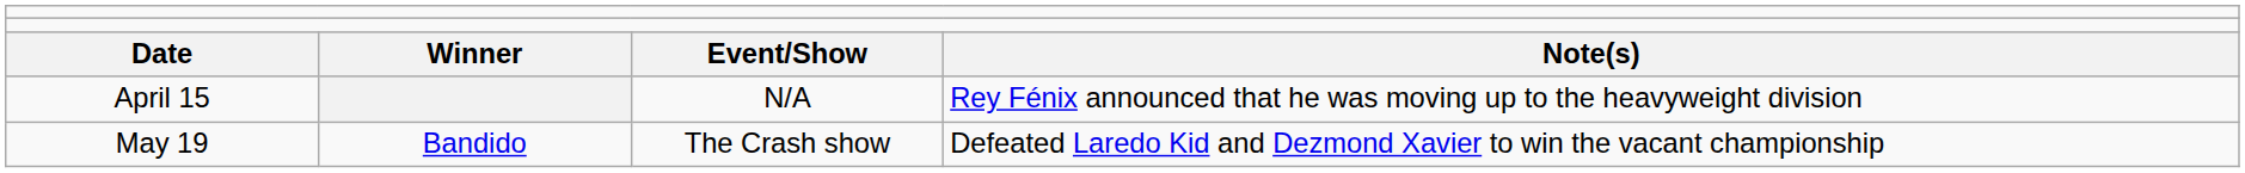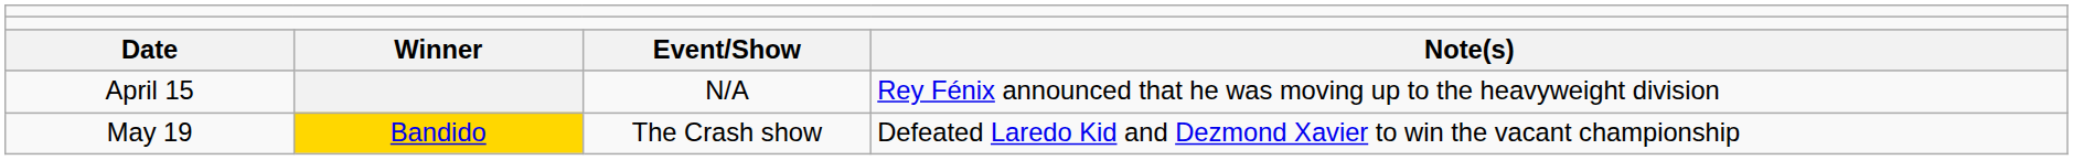 <table class="wikitable" style="text-align:center; width:100%;">
 <tr>
 <td colspan="5"></td>
 </tr>
 <tr>
 <td colspan="5"><strong></strong></td>
 </tr>
 <tr>
 <th width=14%>Date</th>
 <th width=14%>Winner</th>
 <th width=14%>Event/Show</th>
 <th width=58%>Note(s)</th>
 </tr>
 <tr>
 <td>April 15</td>
 <th></th>
 <td>N/A</td>
 <td align=left><a href='#'>Rey Fénix</a> announced that he was moving up to the heavyweight division</td>
 </tr>
 <tr>
 <td>May 19</td>
-<td><a href='#'>Bandido</a></td>
+<td style="background: gold;"><a href='#'>Bandido</a></td>
 <td>The Crash show</td>
 <td align=left>Defeated <a href='#'>Laredo Kid</a> and <a href='#'>Dezmond Xavier</a> to win the vacant championship</td>
 </tr>
 </table>
